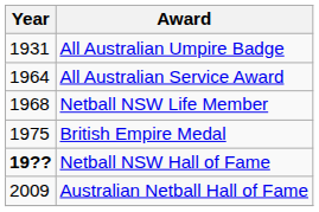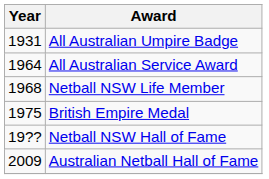 <table class="wikitable collapsible">
 <tr>
 <th>Year</th>
 <th>Award</th>
 </tr>
 <tr>
 <td>1931</td>
 <td><a href='#'>All Australian Umpire Badge</a></td>
 </tr>
 <tr>
 <td>1964</td>
 <td><a href='#'>All Australian Service Award</a></td>
 </tr>
 <tr>
 <td>1968</td>
 <td><a href='#'>Netball NSW Life Member</a></td>
 </tr>
 <tr>
 <td>1975</td>
 <td><a href='#'>British Empire Medal</a></td>
 </tr>
 <tr>
-<td><strong>19??</strong></td>
+<td>19??</td>
 <td><a href='#'>Netball NSW Hall of Fame</a></td>
 </tr>
 <tr>
 <td>2009</td>
 <td><a href='#'>Australian Netball Hall of Fame</a></td>
 </tr>
 <tr>
 </tr>
 </table>
